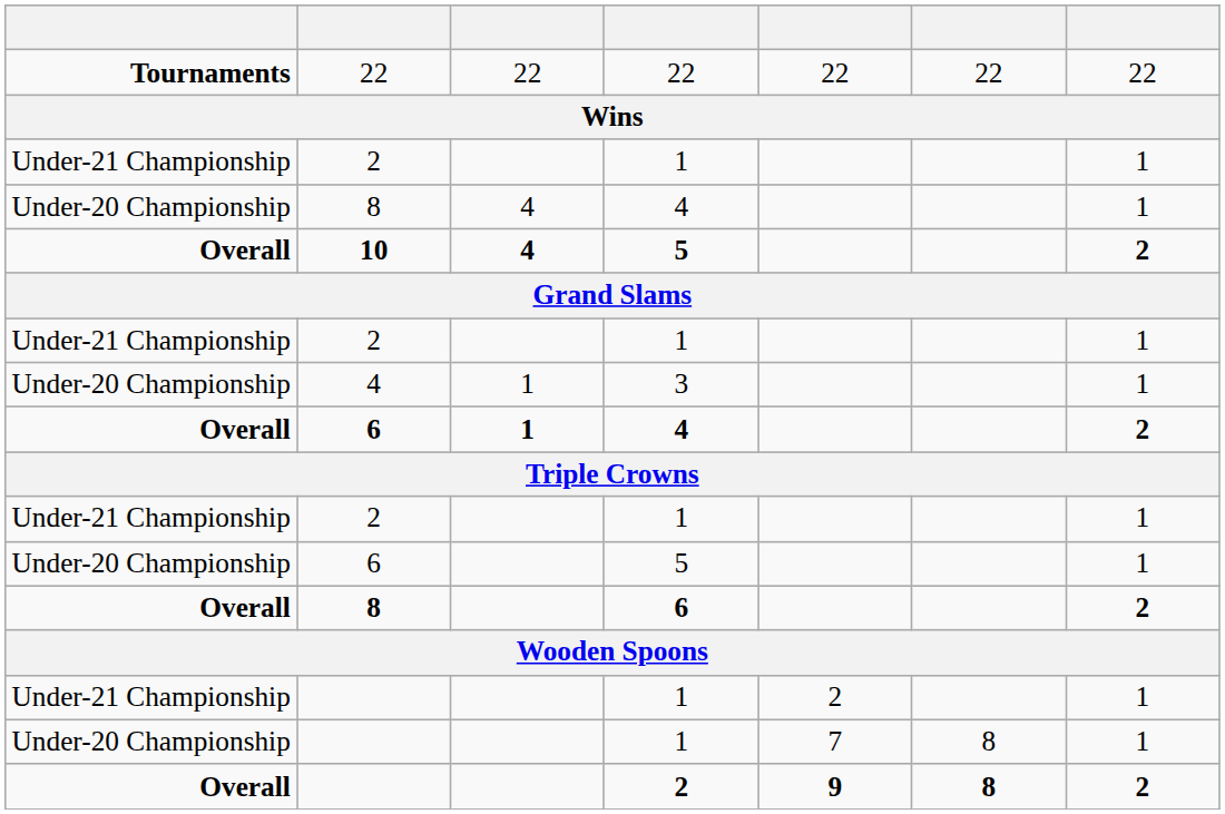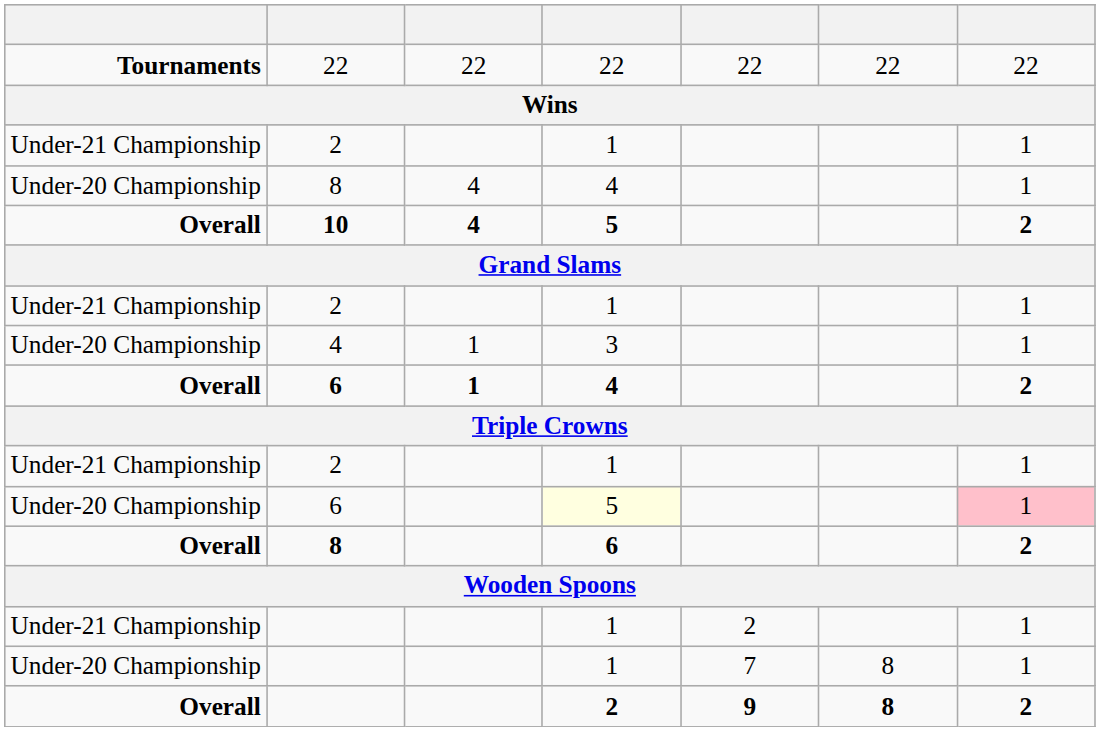 <table class="wikitable" style="text-align:center">
 <tr>
 <th> </th>
 <th style="width:5em"></th>
 <th style="width:5em"></th>
 <th style="width:5em"></th>
 <th style="width:5em"></th>
 <th style="width:5em"></th>
 <th style="width:5em"></th>
 </tr>
 <tr>
 <td style="text-align:right;"><strong>Tournaments</strong></td>
 <td>22</td>
 <td>22</td>
 <td>22</td>
 <td>22</td>
 <td>22</td>
 <td>22</td>
 </tr>
 <tr>
 <th style="text-align:center;" colspan=7>Wins</th>
 </tr>
 <tr>
 <td style="text-align:right;">Under-21 Championship</td>
 <td>2</td>
 <td></td>
 <td>1</td>
 <td></td>
 <td></td>
 <td>1</td>
 </tr>
 <tr>
 <td style="text-align:right;">Under-20 Championship</td>
 <td>8</td>
 <td>4</td>
 <td>4</td>
 <td></td>
 <td></td>
 <td>1</td>
 </tr>
 <tr>
 <td style="text-align:right;"><strong>Overall</strong></td>
 <td><strong>10</strong></td>
 <td><strong>4</strong></td>
 <td><strong>5</strong></td>
 <td></td>
 <td></td>
 <td><strong>2</strong></td>
 </tr>
 <tr>
 <th style="text-align:center;" colspan=7><a href='#'>Grand Slams</a></th>
 </tr>
 <tr>
 <td style="text-align:right;">Under-21 Championship</td>
 <td>2</td>
 <td></td>
 <td>1</td>
 <td></td>
 <td></td>
 <td>1</td>
 </tr>
 <tr>
 <td style="text-align:right;">Under-20 Championship</td>
 <td>4</td>
 <td>1</td>
 <td>3</td>
 <td></td>
 <td></td>
 <td>1</td>
 </tr>
 <tr>
 <td style="text-align:right;"><strong>Overall</strong></td>
 <td><strong>6</strong></td>
 <td><strong>1</strong></td>
 <td><strong>4</strong></td>
 <td></td>
 <td></td>
 <td><strong>2</strong></td>
 </tr>
 <tr>
 <th style="text-align:center;" colspan=7><a href='#'>Triple Crowns</a></th>
 </tr>
 <tr>
 <td style="text-align:right;">Under-21 Championship</td>
 <td>2</td>
 <td></td>
 <td>1</td>
 <td></td>
 <td></td>
 <td>1</td>
 </tr>
 <tr>
 <td style="text-align:right;">Under-20 Championship</td>
 <td>6</td>
 <td></td>
-<td>5</td>
+<td style="background: lightyellow;">5</td>
 <td></td>
 <td></td>
-<td>1</td>
+<td style="background: pink;">1</td>
 </tr>
 <tr>
 <td style="text-align:right;"><strong>Overall</strong></td>
 <td><strong>8</strong></td>
 <td></td>
 <td><strong>6</strong></td>
 <td></td>
 <td></td>
 <td><strong>2</strong></td>
 </tr>
 <tr>
 <th style="text-align:center;" colspan=7><a href='#'>Wooden Spoons</a></th>
 </tr>
 <tr>
 <td style="text-align:right;">Under-21 Championship</td>
 <td></td>
 <td></td>
 <td>1</td>
 <td>2</td>
 <td></td>
 <td>1</td>
 </tr>
 <tr>
 <td style="text-align:right;">Under-20 Championship</td>
 <td></td>
 <td></td>
 <td>1</td>
 <td>7</td>
 <td>8</td>
 <td>1</td>
 </tr>
 <tr>
 <td style="text-align:right;"><strong>Overall</strong></td>
 <td></td>
 <td></td>
 <td><strong>2</strong></td>
 <td><strong>9</strong></td>
 <td><strong>8</strong></td>
 <td><strong>2</strong></td>
 </tr>
 </table>
